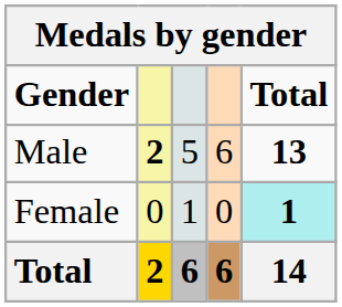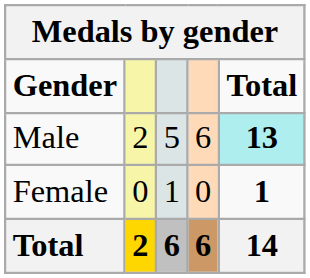 <table class="wikitable" style="text-align:center;font-size:90%">
 <tr style="background:#efefef;">
 <th colspan=7><strong>Medals by gender</strong></th>
 </tr>
 <tr>
 <td><strong>Gender</strong></td>
 <td bgcolor=#f7f6a8></td>
 <td bgcolor=#dce5e5></td>
 <td bgcolor=#ffdab9></td>
 <td><strong>Total</strong></td>
 </tr>
 <tr>
 <td style="text-align:left;">Male</td>
-<td style="background:#F7F6A8;"><strong>2</strong></td>
+<td style="background:#F7F6A8;">2</td>
 <td style="background:#DCE5E5;">5</td>
 <td style="background:#FFDAB9;">6</td>
-<td><strong>13</strong></td>
+<td style="background: paleturquoise;"><strong>13</strong></td>
 </tr>
 <tr>
 <td style="text-align:left;">Female</td>
 <td style="background:#F7F6A8;">0</td>
 <td style="background:#DCE5E5;">1</td>
 <td style="background:#FFDAB9;">0</td>
-<td style="background: paleturquoise;"><strong>1</strong></td>
+<td><strong>1</strong></td>
 </tr>
 <tr>
 <th style="text-align:left;"><strong>Total</strong></th>
 <th style="background:gold;"><strong>2</strong></th>
 <th style="background:silver;"><strong>6</strong></th>
 <th style="background:#c96;"><strong>6</strong></th>
 <th><strong>14</strong></th>
 </tr>
 </table>
